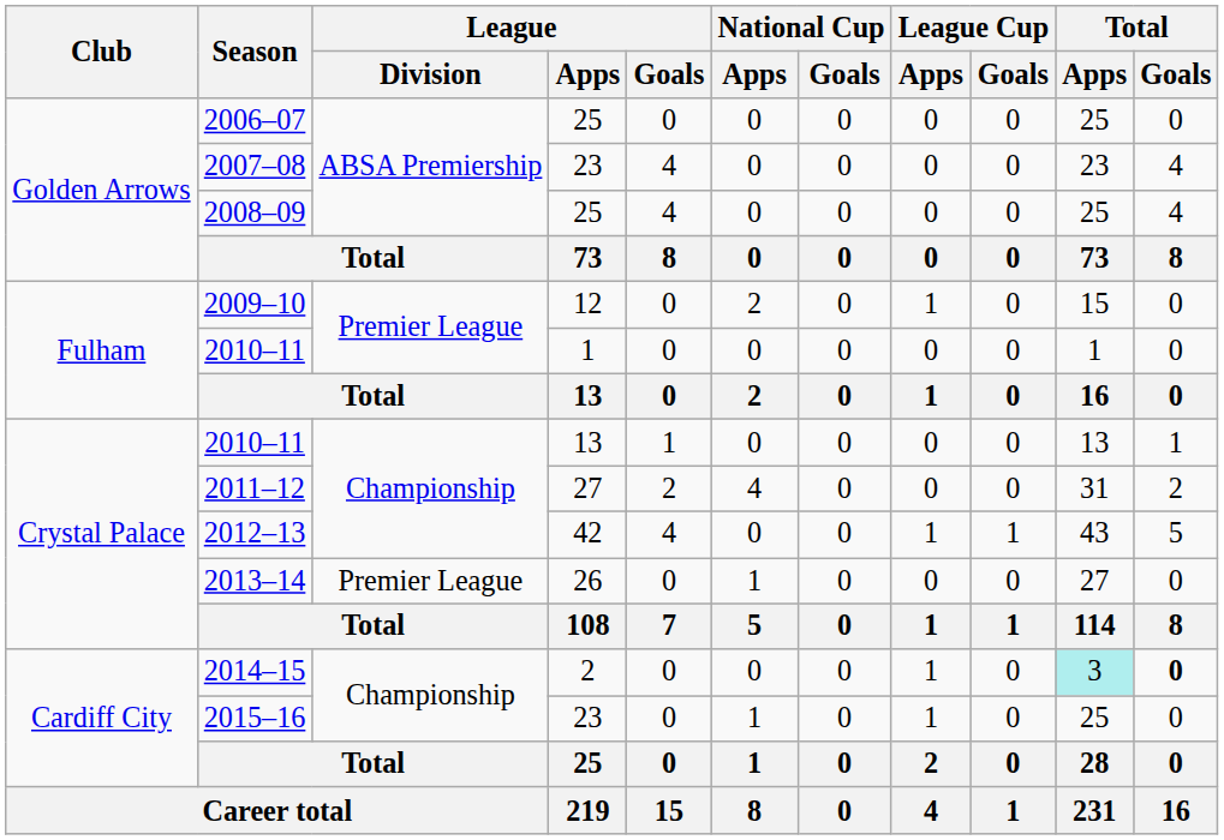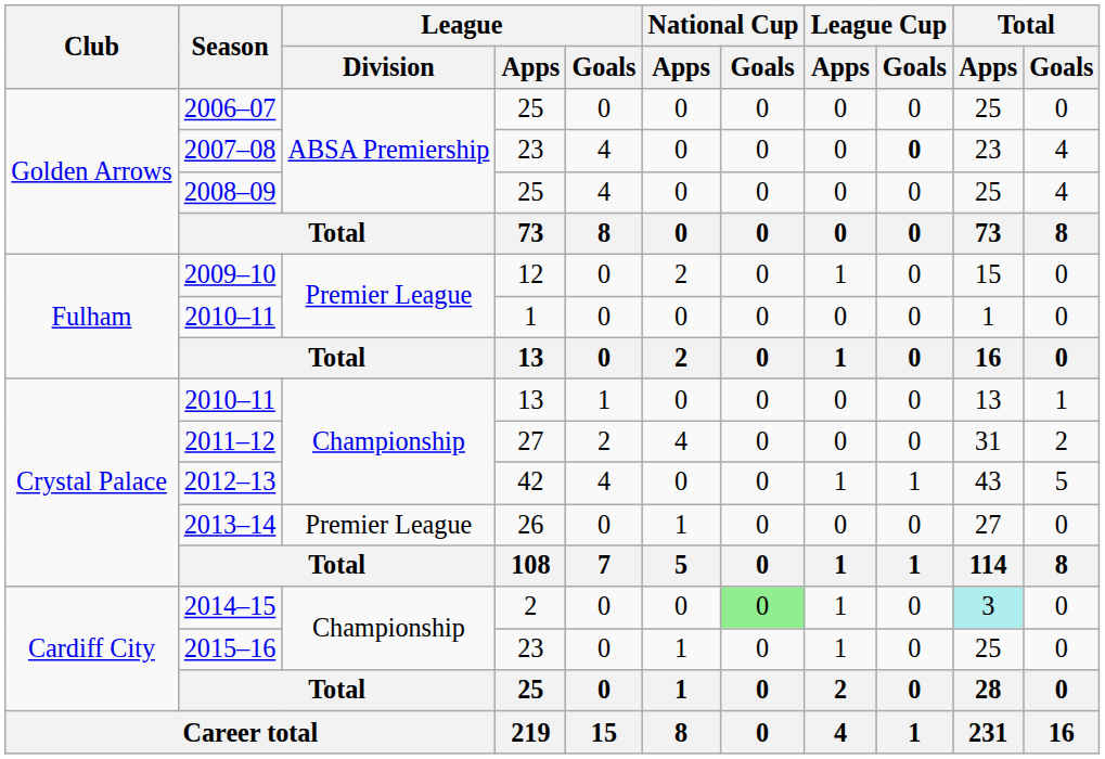 <table class="wikitable" style="text-align:center">
 <tr>
 <th rowspan="2">Club</th>
 <th rowspan="2">Season</th>
 <th colspan="3">League</th>
 <th colspan="2">National Cup</th>
 <th colspan="2">League Cup</th>
 <th colspan="2">Total</th>
 </tr>
 <tr>
 <th>Division</th>
 <th>Apps</th>
 <th>Goals</th>
 <th>Apps</th>
 <th>Goals</th>
 <th>Apps</th>
 <th>Goals</th>
 <th>Apps</th>
 <th>Goals</th>
 </tr>
 <tr>
 <td rowspan="4"><a href='#'>Golden Arrows</a></td>
 <td><a href='#'>2006–07</a></td>
 <td rowspan="3"><a href='#'>ABSA Premiership</a></td>
 <td>25</td>
 <td>0</td>
 <td>0</td>
 <td>0</td>
 <td>0</td>
 <td>0</td>
 <td>25</td>
 <td>0</td>
 </tr>
 <tr>
 <td><a href='#'>2007–08</a></td>
 <td>23</td>
 <td>4</td>
 <td>0</td>
 <td>0</td>
 <td>0</td>
-<td>0</td>
+<td><strong>0</strong></td>
 <td>23</td>
 <td>4</td>
 </tr>
 <tr>
 <td><a href='#'>2008–09</a></td>
 <td>25</td>
 <td>4</td>
 <td>0</td>
 <td>0</td>
 <td>0</td>
 <td>0</td>
 <td>25</td>
 <td>4</td>
 </tr>
 <tr>
 <th colspan="2">Total</th>
 <th>73</th>
 <th>8</th>
 <th>0</th>
 <th>0</th>
 <th>0</th>
 <th>0</th>
 <th>73</th>
 <th>8</th>
 </tr>
 <tr>
 <td rowspan="3"><a href='#'>Fulham</a></td>
 <td><a href='#'>2009–10</a></td>
 <td rowspan="2"><a href='#'>Premier League</a></td>
 <td>12</td>
 <td>0</td>
 <td>2</td>
 <td>0</td>
 <td>1</td>
 <td>0</td>
 <td>15</td>
 <td>0</td>
 </tr>
 <tr>
 <td><a href='#'>2010–11</a></td>
 <td>1</td>
 <td>0</td>
 <td>0</td>
 <td>0</td>
 <td>0</td>
 <td>0</td>
 <td>1</td>
 <td>0</td>
 </tr>
 <tr>
 <th colspan="2">Total</th>
 <th>13</th>
 <th>0</th>
 <th>2</th>
 <th>0</th>
 <th>1</th>
 <th>0</th>
 <th>16</th>
 <th>0</th>
 </tr>
 <tr>
 <td rowspan="5"><a href='#'>Crystal Palace</a></td>
 <td><a href='#'>2010–11</a></td>
 <td rowspan="3"><a href='#'>Championship</a></td>
 <td>13</td>
 <td>1</td>
 <td>0</td>
 <td>0</td>
 <td>0</td>
 <td>0</td>
 <td>13</td>
 <td>1</td>
 </tr>
 <tr>
 <td><a href='#'>2011–12</a></td>
 <td>27</td>
 <td>2</td>
 <td>4</td>
 <td>0</td>
 <td>0</td>
 <td>0</td>
 <td>31</td>
 <td>2</td>
 </tr>
 <tr>
 <td><a href='#'>2012–13</a></td>
 <td>42</td>
 <td>4</td>
 <td>0</td>
 <td>0</td>
 <td>1</td>
 <td>1</td>
 <td>43</td>
 <td>5</td>
 </tr>
 <tr>
 <td><a href='#'>2013–14</a></td>
 <td>Premier League</td>
 <td>26</td>
 <td>0</td>
 <td>1</td>
 <td>0</td>
 <td>0</td>
 <td>0</td>
 <td>27</td>
 <td>0</td>
 </tr>
 <tr>
 <th colspan="2">Total</th>
 <th>108</th>
 <th>7</th>
 <th>5</th>
 <th>0</th>
 <th>1</th>
 <th>1</th>
 <th>114</th>
 <th>8</th>
 </tr>
 <tr>
 <td rowspan="3"><a href='#'>Cardiff City</a></td>
 <td><a href='#'>2014–15</a></td>
 <td rowspan="2">Championship</td>
 <td>2</td>
 <td>0</td>
 <td>0</td>
-<td>0</td>
+<td style="background: lightgreen;">0</td>
 <td>1</td>
 <td>0</td>
 <td style="background: paleturquoise;">3</td>
-<td><strong>0</strong></td>
+<td>0</td>
 </tr>
 <tr>
 <td><a href='#'>2015–16</a></td>
 <td>23</td>
 <td>0</td>
 <td>1</td>
 <td>0</td>
 <td>1</td>
 <td>0</td>
 <td>25</td>
 <td>0</td>
 </tr>
 <tr>
 <th colspan="2">Total</th>
 <th>25</th>
 <th>0</th>
 <th>1</th>
 <th>0</th>
 <th>2</th>
 <th>0</th>
 <th>28</th>
 <th>0</th>
 </tr>
 <tr>
 <th colspan="3">Career total</th>
 <th>219</th>
 <th>15</th>
 <th>8</th>
 <th>0</th>
 <th>4</th>
 <th>1</th>
 <th>231</th>
 <th>16</th>
 </tr>
 </table>
